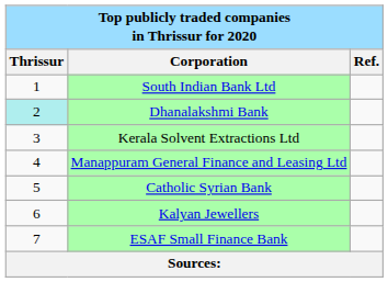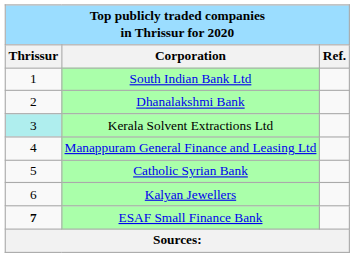 <table class="wikitable" style="float:right; font-size:75%; text-align:center; margin:1em;">
 <tr>
 <td colspan="3" style="background:#9BDDFF;"><strong>Top publicly traded companies<br> in Thrissur for 2020</strong></td>
 </tr>
 <tr>
 <th>Thrissur</th>
 <th>Corporation</th>
 <th>Ref.</th>
 </tr>
 <tr>
 <td>1</td>
 <td style="background:#afa;"><a href='#'>South Indian Bank Ltd</a></td>
 <td></td>
 </tr>
 <tr>
-<td style="background: paleturquoise;">2</td>
+<td>2</td>
 <td style="background:#afa;"><a href='#'>Dhanalakshmi Bank</a></td>
 <td></td>
 </tr>
 <tr>
-<td>3</td>
+<td style="background: paleturquoise;">3</td>
 <td style="background:#afa;">Kerala Solvent Extractions Ltd</td>
 <td></td>
 </tr>
 <tr>
 <td>4</td>
 <td style="background:#afa;"><a href='#'>Manappuram General Finance and Leasing Ltd</a></td>
 <td></td>
 </tr>
 <tr>
 <td>5</td>
 <td style="background:#afa;"><a href='#'>Catholic Syrian Bank</a></td>
 <td></td>
 </tr>
 <tr>
 <td>6</td>
 <td style="background:#afa;"><a href='#'>Kalyan Jewellers</a></td>
 <td></td>
 </tr>
 <tr>
-<td>7</td>
+<td><strong>7</strong></td>
 <td style="background:#afa;"><a href='#'>ESAF Small Finance Bank</a></td>
 <td></td>
 </tr>
 <tr>
 <th colspan=3>Sources:</th>
 </tr>
 </table>
